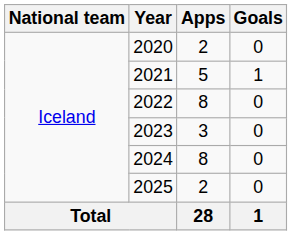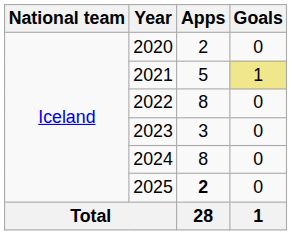 <table class="wikitable" style="text-align: center;">
 <tr>
 <th>National team</th>
 <th>Year</th>
 <th>Apps</th>
 <th>Goals</th>
 </tr>
 <tr>
 <td rowspan="6"><a href='#'>Iceland</a></td>
 <td>2020</td>
 <td>2</td>
 <td>0</td>
 </tr>
 <tr>
 <td>2021</td>
 <td>5</td>
-<td>1</td>
+<td style="background: khaki;">1</td>
 </tr>
 <tr>
 <td>2022</td>
 <td>8</td>
 <td>0</td>
 </tr>
 <tr>
 <td>2023</td>
 <td>3</td>
 <td>0</td>
 </tr>
 <tr>
 <td>2024</td>
 <td>8</td>
 <td>0</td>
 </tr>
 <tr>
 <td>2025</td>
-<td>2</td>
+<td><strong>2</strong></td>
 <td>0</td>
 </tr>
 <tr>
 <th colspan="2">Total</th>
 <th>28</th>
 <th>1</th>
 </tr>
 </table>
